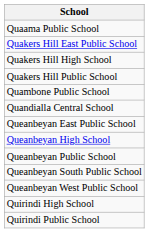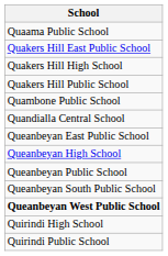 <table class="wikitable">
 <tr>
 <th>School</th>
 </tr>
 <tr>
 <td>Quaama Public School</td>
 </tr>
 <tr>
 <td><a href='#'>Quakers Hill East Public School</a></td>
 </tr>
 <tr>
 <td>Quakers Hill High School</td>
 </tr>
 <tr>
 <td>Quakers Hill Public School</td>
 </tr>
 <tr>
 <td>Quambone Public School</td>
 </tr>
 <tr>
 <td>Quandialla Central School</td>
 </tr>
 <tr>
 <td>Queanbeyan East Public School</td>
 </tr>
 <tr>
 <td><a href='#'>Queanbeyan High School</a></td>
 </tr>
 <tr>
 <td>Queanbeyan Public School</td>
 </tr>
 <tr>
 <td>Queanbeyan South Public School</td>
 </tr>
 <tr>
-<td>Queanbeyan West Public School</td>
+<td><strong>Queanbeyan West Public School</strong></td>
 </tr>
 <tr>
 <td>Quirindi High School</td>
 </tr>
 <tr>
 <td>Quirindi Public School</td>
 </tr>
 </table>
